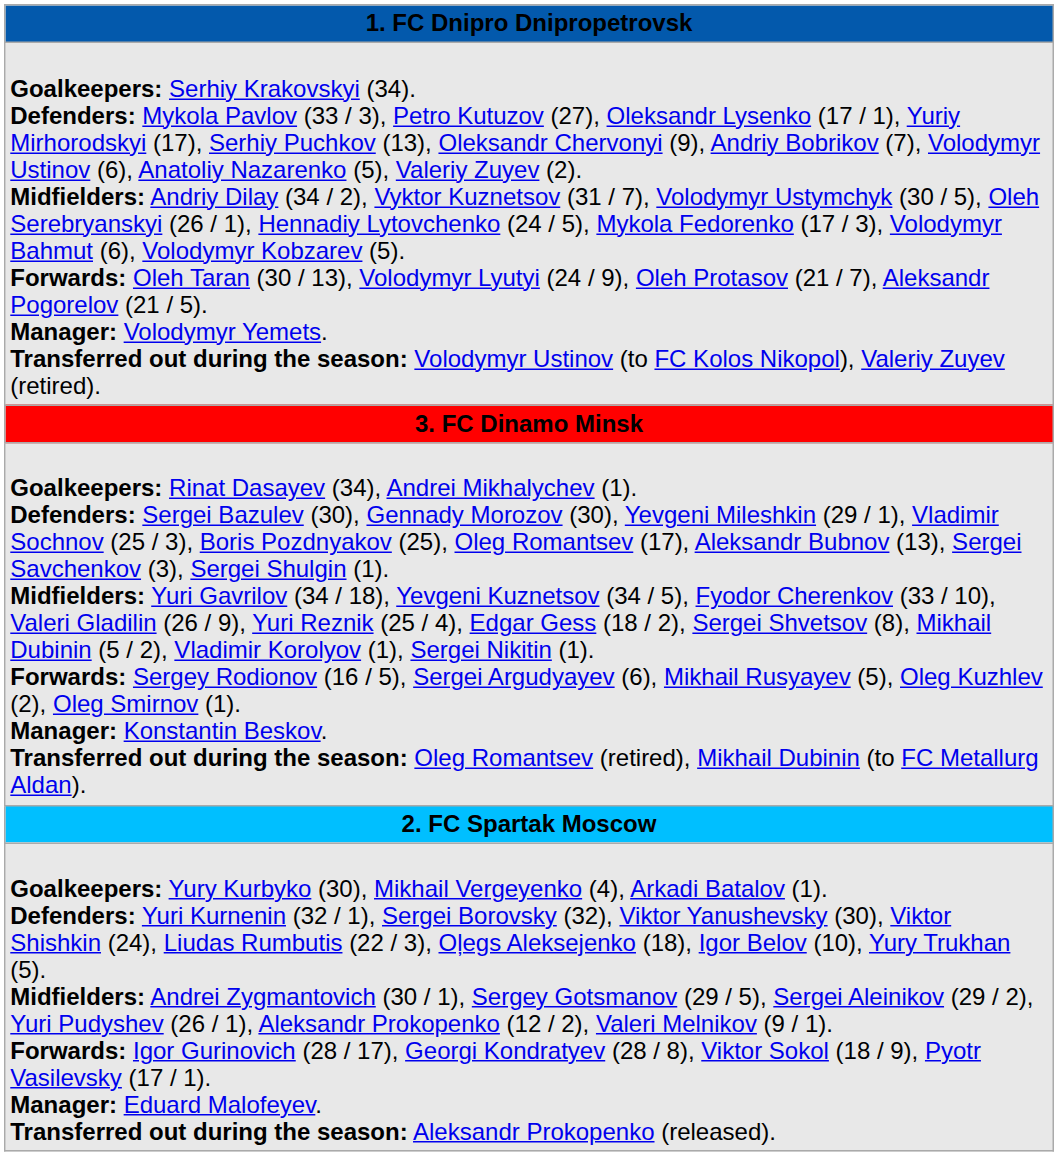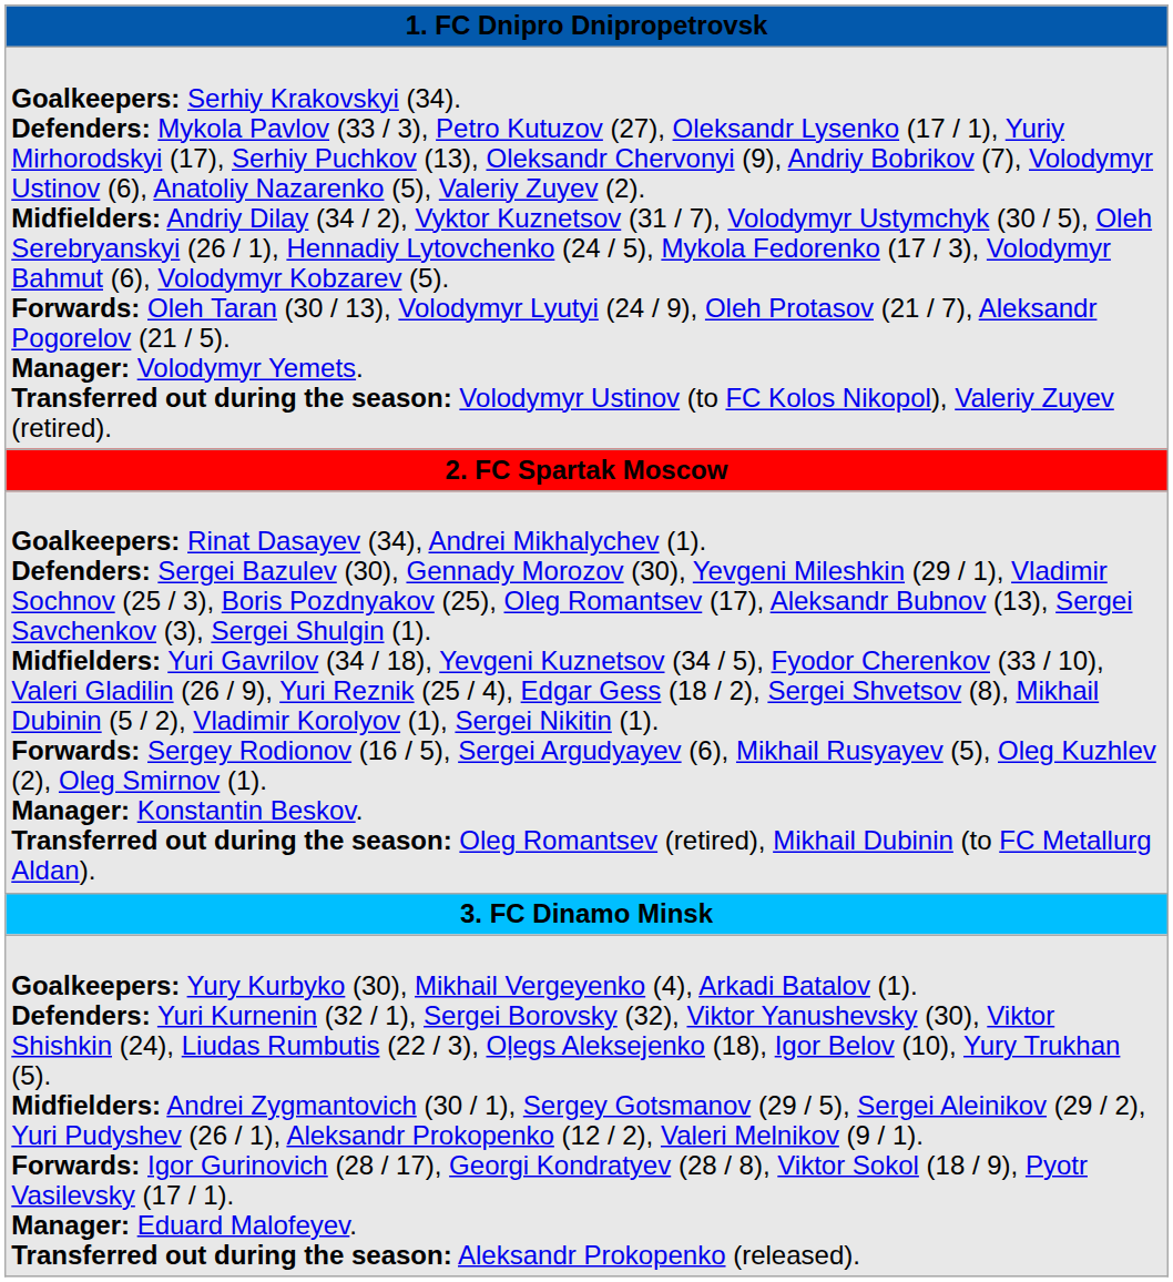 <table class="wikitable" Width="700">
 <tr bgcolor="#0359ac">
 <td align="center" width="700"><span> <strong>1. FC Dnipro Dnipropetrovsk</strong> </span></td>
 </tr>
 <tr bgcolor="#E8E8E8">
 <td align="left" width="700"><br><strong>Goalkeepers:</strong> <a href='#'>Serhiy Krakovskyi</a> (34).<br> <strong>Defenders:</strong> <a href='#'>Mykola Pavlov</a> (33 / 3), <a href='#'>Petro Kutuzov</a> (27), <a href='#'>Oleksandr Lysenko</a> (17 / 1), <a href='#'>Yuriy Mirhorodskyi</a> (17), <a href='#'>Serhiy Puchkov</a> (13), <a href='#'>Oleksandr Chervonyi</a> (9), <a href='#'>Andriy Bobrikov</a> (7), <a href='#'>Volodymyr Ustinov</a> (6), <a href='#'>Anatoliy Nazarenko</a> (5), <a href='#'>Valeriy Zuyev</a> (2).<br> <strong>Midfielders:</strong> <a href='#'>Andriy Dilay</a> (34 / 2), <a href='#'>Vyktor Kuznetsov</a> (31 / 7), <a href='#'>Volodymyr Ustymchyk</a> (30 / 5), <a href='#'>Oleh Serebryanskyi</a> (26 / 1), <a href='#'>Hennadiy Lytovchenko</a> (24 / 5), <a href='#'>Mykola Fedorenko</a> (17 / 3), <a href='#'>Volodymyr Bahmut</a> (6), <a href='#'>Volodymyr Kobzarev</a> (5).<br> <strong>Forwards:</strong> <a href='#'>Oleh Taran</a> (30 / 13), <a href='#'>Volodymyr Lyutyi</a> (24 / 9), <a href='#'>Oleh Protasov</a> (21 / 7), <a href='#'>Aleksandr Pogorelov</a> (21 / 5).<br><strong>Manager:</strong> <a href='#'>Volodymyr Yemets</a>.<br><strong>Transferred out during the season:</strong> <a href='#'>Volodymyr Ustinov</a> (to <a href='#'>FC Kolos Nikopol</a>), <a href='#'>Valeriy Zuyev</a> (retired).</td>
 </tr>
 <tr bgcolor="#FF0000">
-<td align="center" width="700"><span> <strong>3. FC Dinamo Minsk</strong> </span></td>
+<td align="center" width="700"><span> <strong>2. FC Spartak Moscow</strong> </span></td>
 </tr>
 <tr bgcolor="#E8E8E8">
 <td align="left" width="700"><br><strong>Goalkeepers:</strong> <a href='#'>Rinat Dasayev</a> (34), <a href='#'>Andrei Mikhalychev</a> (1).<br> <strong>Defenders:</strong> <a href='#'>Sergei Bazulev</a> (30), <a href='#'>Gennady Morozov</a> (30), <a href='#'>Yevgeni Mileshkin</a> (29 / 1), <a href='#'>Vladimir Sochnov</a> (25 / 3), <a href='#'>Boris Pozdnyakov</a> (25), <a href='#'>Oleg Romantsev</a> (17), <a href='#'>Aleksandr Bubnov</a> (13), <a href='#'>Sergei Savchenkov</a> (3), <a href='#'>Sergei Shulgin</a> (1).<br> <strong>Midfielders:</strong> <a href='#'>Yuri Gavrilov</a> (34 / 18), <a href='#'>Yevgeni Kuznetsov</a> (34 / 5), <a href='#'>Fyodor Cherenkov</a> (33 / 10), <a href='#'>Valeri Gladilin</a> (26 / 9), <a href='#'>Yuri Reznik</a> (25 / 4), <a href='#'>Edgar Gess</a> (18 / 2), <a href='#'>Sergei Shvetsov</a> (8), <a href='#'>Mikhail Dubinin</a> (5 / 2), <a href='#'>Vladimir Korolyov</a> (1), <a href='#'>Sergei Nikitin</a> (1).<br> <strong>Forwards:</strong> <a href='#'>Sergey Rodionov</a> (16 / 5), <a href='#'>Sergei Argudyayev</a> (6), <a href='#'>Mikhail Rusyayev</a> (5), <a href='#'>Oleg Kuzhlev</a> (2), <a href='#'>Oleg Smirnov</a> (1).<br><strong>Manager:</strong> <a href='#'>Konstantin Beskov</a>.<br><strong>Transferred out during the season:</strong> <a href='#'>Oleg Romantsev</a> (retired), <a href='#'>Mikhail Dubinin</a> (to <a href='#'>FC Metallurg Aldan</a>).</td>
 </tr>
 <tr bgcolor="#00BFFF">
-<td align="center" width="700"><span> <strong>2. FC Spartak Moscow</strong> </span></td>
+<td align="center" width="700"><span> <strong>3. FC Dinamo Minsk</strong> </span></td>
 </tr>
 <tr bgcolor="#E8E8E8">
 <td align="left" width="700"><br><strong>Goalkeepers:</strong> <a href='#'>Yury Kurbyko</a> (30), <a href='#'>Mikhail Vergeyenko</a> (4), <a href='#'>Arkadi Batalov</a> (1).<br> <strong>Defenders:</strong> <a href='#'>Yuri Kurnenin</a> (32 / 1), <a href='#'>Sergei Borovsky</a> (32), <a href='#'>Viktor Yanushevsky</a> (30), <a href='#'>Viktor Shishkin</a> (24), <a href='#'>Liudas Rumbutis</a> (22 / 3), <a href='#'>Oļegs Aleksejenko</a> (18), <a href='#'>Igor Belov</a> (10), <a href='#'>Yury Trukhan</a> (5).<br> <strong>Midfielders:</strong> <a href='#'>Andrei Zygmantovich</a> (30 / 1), <a href='#'>Sergey Gotsmanov</a> (29 / 5), <a href='#'>Sergei Aleinikov</a> (29 / 2), <a href='#'>Yuri Pudyshev</a> (26 / 1), <a href='#'>Aleksandr Prokopenko</a> (12 / 2), <a href='#'>Valeri Melnikov</a> (9 / 1).<br> <strong>Forwards:</strong> <a href='#'>Igor Gurinovich</a> (28 / 17), <a href='#'>Georgi Kondratyev</a> (28 / 8), <a href='#'>Viktor Sokol</a> (18 / 9), <a href='#'>Pyotr Vasilevsky</a> (17 / 1).<br><strong>Manager:</strong> <a href='#'>Eduard Malofeyev</a>.<br><strong>Transferred out during the season:</strong> <a href='#'>Aleksandr Prokopenko</a> (released).</td>
 </tr>
 </table>
